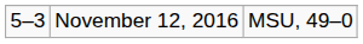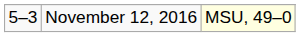 <table class="wikitable">
 <tr align="center">
 </tr>
 <tr align="center">
 <td>5–3</td>
 <td>November 12, 2016</td>
-<td>MSU, 49–0</td>
+<td style="background: lightyellow;">MSU, 49–0</td>
 </tr>
 </table>
